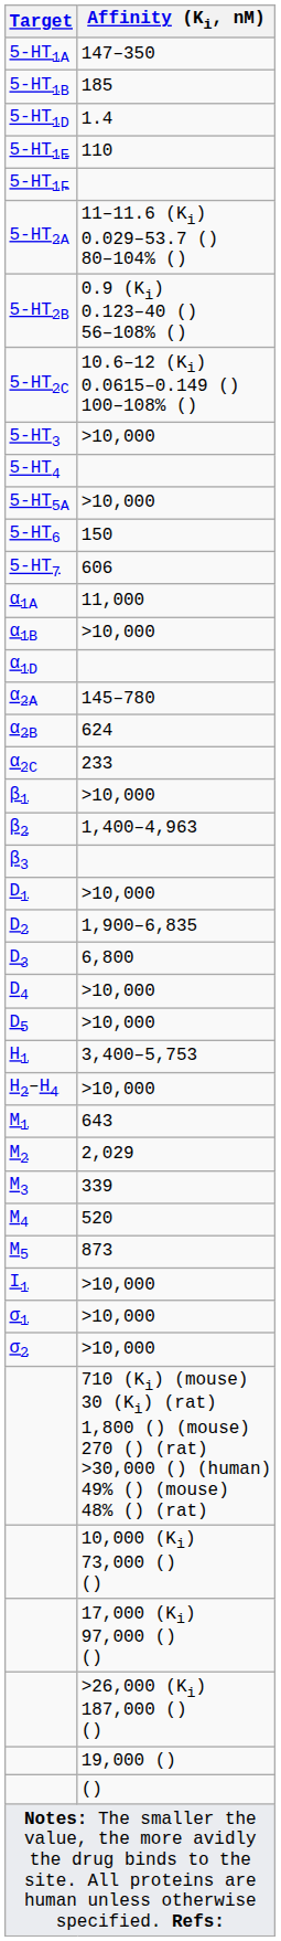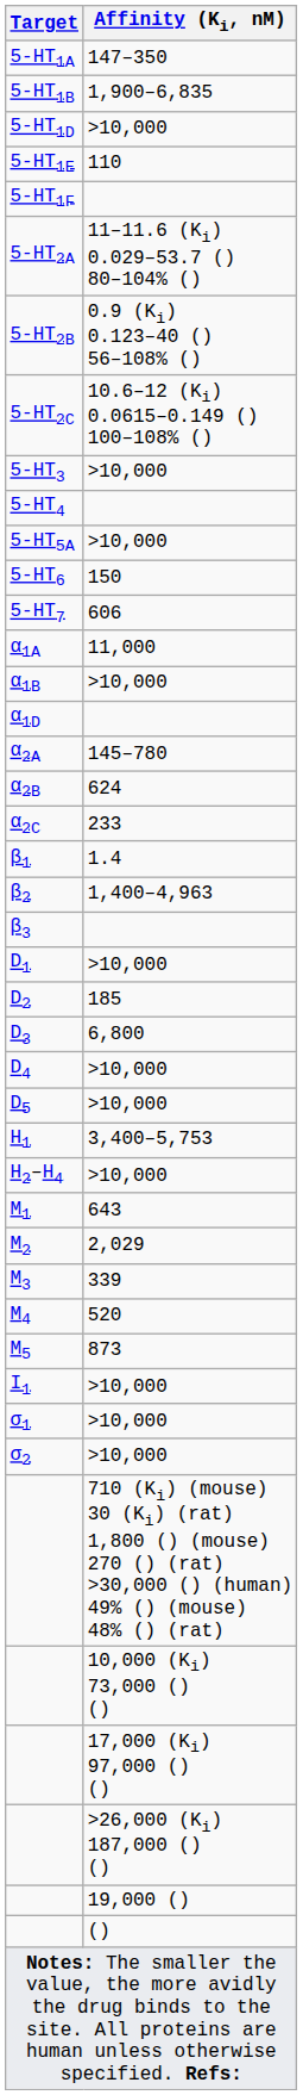 <table class="wikitable floatleft" style="font-size:small;">
 <tr>
 <th><a href='#'>Target</a></th>
 <th><a href='#'>Affinity</a> (K<sub>i</sub>, nM)</th>
 </tr>
 <tr>
 <td><a href='#'>5-HT<sub>1A</sub></a></td>
 <td>147–350</td>
 </tr>
 <tr>
 <td><a href='#'>5-HT<sub>1B</sub></a></td>
-<td>185</td>
+<td>1,900–6,835</td>
 </tr>
 <tr>
 <td><a href='#'>5-HT<sub>1D</sub></a></td>
-<td>1.4</td>
+<td>>10,000</td>
 </tr>
 <tr>
 <td><a href='#'>5-HT<sub>1E</sub></a></td>
 <td>110</td>
 </tr>
 <tr>
 <td><a href='#'>5-HT<sub>1F</sub></a></td>
 <td></td>
 </tr>
 <tr>
 <td><a href='#'>5-HT<sub>2A</sub></a></td>
 <td>11–11.6 (K<sub>i</sub>)<br>0.029–53.7 ()<br>80–104% ()</td>
 </tr>
 <tr>
 <td><a href='#'>5-HT<sub>2B</sub></a></td>
 <td>0.9 (K<sub>i</sub>)<br>0.123–40 ()<br>56–108% ()</td>
 </tr>
 <tr>
 <td><a href='#'>5-HT<sub>2C</sub></a></td>
 <td>10.6–12 (K<sub>i</sub>)<br>0.0615–0.149 ()<br>100–108% ()</td>
 </tr>
 <tr>
 <td><a href='#'>5-HT<sub>3</sub></a></td>
 <td>>10,000</td>
 </tr>
 <tr>
 <td><a href='#'>5-HT<sub>4</sub></a></td>
 <td></td>
 </tr>
 <tr>
 <td><a href='#'>5-HT<sub>5A</sub></a></td>
 <td>>10,000</td>
 </tr>
 <tr>
 <td><a href='#'>5-HT<sub>6</sub></a></td>
 <td>150</td>
 </tr>
 <tr>
 <td><a href='#'>5-HT<sub>7</sub></a></td>
 <td>606</td>
 </tr>
 <tr>
 <td><a href='#'>α<sub>1A</sub></a></td>
 <td>11,000</td>
 </tr>
 <tr>
 <td><a href='#'>α<sub>1B</sub></a></td>
 <td>>10,000</td>
 </tr>
 <tr>
 <td><a href='#'>α<sub>1D</sub></a></td>
 <td></td>
 </tr>
 <tr>
 <td><a href='#'>α<sub>2A</sub></a></td>
 <td>145–780</td>
 </tr>
 <tr>
 <td><a href='#'>α<sub>2B</sub></a></td>
 <td>624</td>
 </tr>
 <tr>
 <td><a href='#'>α<sub>2C</sub></a></td>
 <td>233</td>
 </tr>
 <tr>
 <td><a href='#'>β<sub>1</sub></a></td>
-<td>>10,000</td>
+<td>1.4</td>
 </tr>
 <tr>
 <td><a href='#'>β<sub>2</sub></a></td>
 <td>1,400–4,963</td>
 </tr>
 <tr>
 <td><a href='#'>β<sub>3</sub></a></td>
 <td></td>
 </tr>
 <tr>
 <td><a href='#'>D<sub>1</sub></a></td>
 <td>>10,000</td>
 </tr>
 <tr>
 <td><a href='#'>D<sub>2</sub></a></td>
-<td>1,900–6,835</td>
+<td>185</td>
 </tr>
 <tr>
 <td><a href='#'>D<sub>3</sub></a></td>
 <td>6,800</td>
 </tr>
 <tr>
 <td><a href='#'>D<sub>4</sub></a></td>
 <td>>10,000</td>
 </tr>
 <tr>
 <td><a href='#'>D<sub>5</sub></a></td>
 <td>>10,000</td>
 </tr>
 <tr>
 <td><a href='#'>H<sub>1</sub></a></td>
 <td>3,400–5,753</td>
 </tr>
 <tr>
 <td><a href='#'>H<sub>2</sub></a>–<a href='#'>H<sub>4</sub></a></td>
 <td>>10,000</td>
 </tr>
 <tr>
 <td><a href='#'>M<sub>1</sub></a></td>
 <td>643</td>
 </tr>
 <tr>
 <td><a href='#'>M<sub>2</sub></a></td>
 <td>2,029</td>
 </tr>
 <tr>
 <td><a href='#'>M<sub>3</sub></a></td>
 <td>339</td>
 </tr>
 <tr>
 <td><a href='#'>M<sub>4</sub></a></td>
 <td>520</td>
 </tr>
 <tr>
 <td><a href='#'>M<sub>5</sub></a></td>
 <td>873</td>
 </tr>
 <tr>
 <td><a href='#'>I<sub>1</sub></a></td>
 <td>>10,000</td>
 </tr>
 <tr>
 <td><a href='#'>σ<sub>1</sub></a></td>
 <td>>10,000</td>
 </tr>
 <tr>
 <td><a href='#'>σ<sub>2</sub></a></td>
 <td>>10,000</td>
 </tr>
 <tr>
 <td></td>
 <td>710 (K<sub>i</sub>) (mouse)<br>30 (K<sub>i</sub>) (rat)<br>1,800 () (mouse)<br>270 () (rat)<br>>30,000 () (human)<br>49% () (mouse)<br>48% () (rat)</td>
 </tr>
 <tr>
 <td></td>
 <td>10,000 (K<sub>i</sub>)<br>73,000 ()<br> ()</td>
 </tr>
 <tr>
 <td></td>
 <td>17,000 (K<sub>i</sub>)<br>97,000 ()<br> ()</td>
 </tr>
 <tr>
 <td></td>
 <td>>26,000 (K<sub>i</sub>)<br>187,000 ()<br> ()</td>
 </tr>
 <tr>
 <td></td>
 <td>19,000 ()</td>
 </tr>
 <tr>
 <td></td>
 <td> ()</td>
 </tr>
 <tr class="sortbottom">
 <td colspan="2" style="width: 1px; background-color:#eaecf0; text-align: center;"><strong>Notes:</strong> The smaller the value, the more avidly the drug binds to the site. All proteins are human unless otherwise specified. <strong>Refs:</strong> </td>
 </tr>
 </table>
